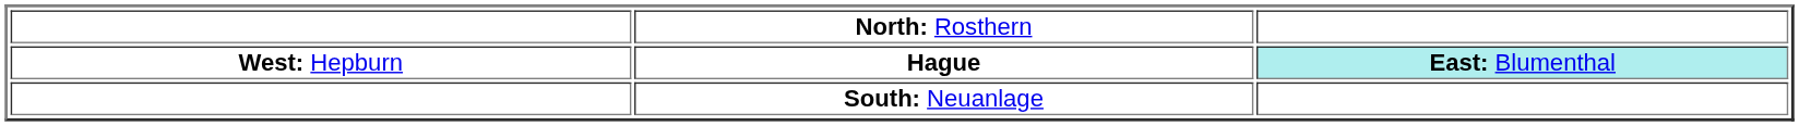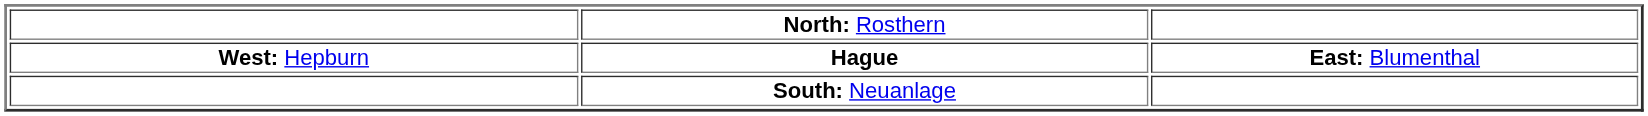 <table width="75%" border="2" align="center">
 <tr ---->
 <td width="35%" align="center"></td>
 <td width="30%" align="center"><strong>North:</strong> <a href='#'>Rosthern</a></td>
 <td width="35%" align="center"></td>
 </tr>
 <tr ---->
 <td width ="10%" align="center"><strong>West:</strong> <a href='#'>Hepburn</a></td>
 <td width ="35%" align="center"><strong>Hague</strong></td>
-<td width ="30%" align="center" style="background: paleturquoise;"><strong>East:</strong> <a href='#'>Blumenthal</a></td>
+<td width ="30%" align="center"><strong>East:</strong> <a href='#'>Blumenthal</a></td>
 </tr>
 <tr ---->
 <td width ="35%" align="center"></td>
 <td width ="30%" align="center"><strong>South:</strong> <a href='#'>Neuanlage</a></td>
 <td width ="35%" align="center"></td>
 </tr>
 </table>
